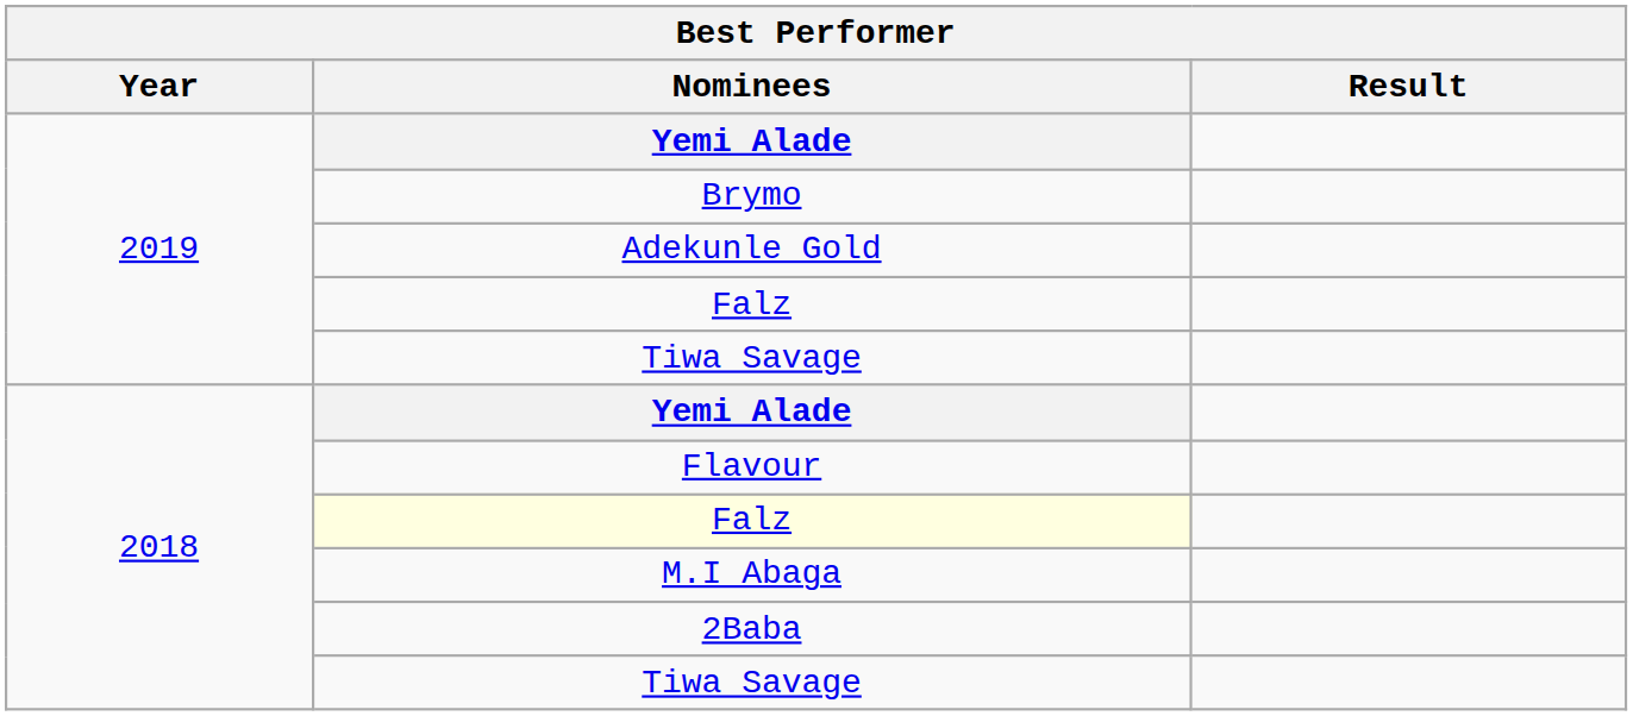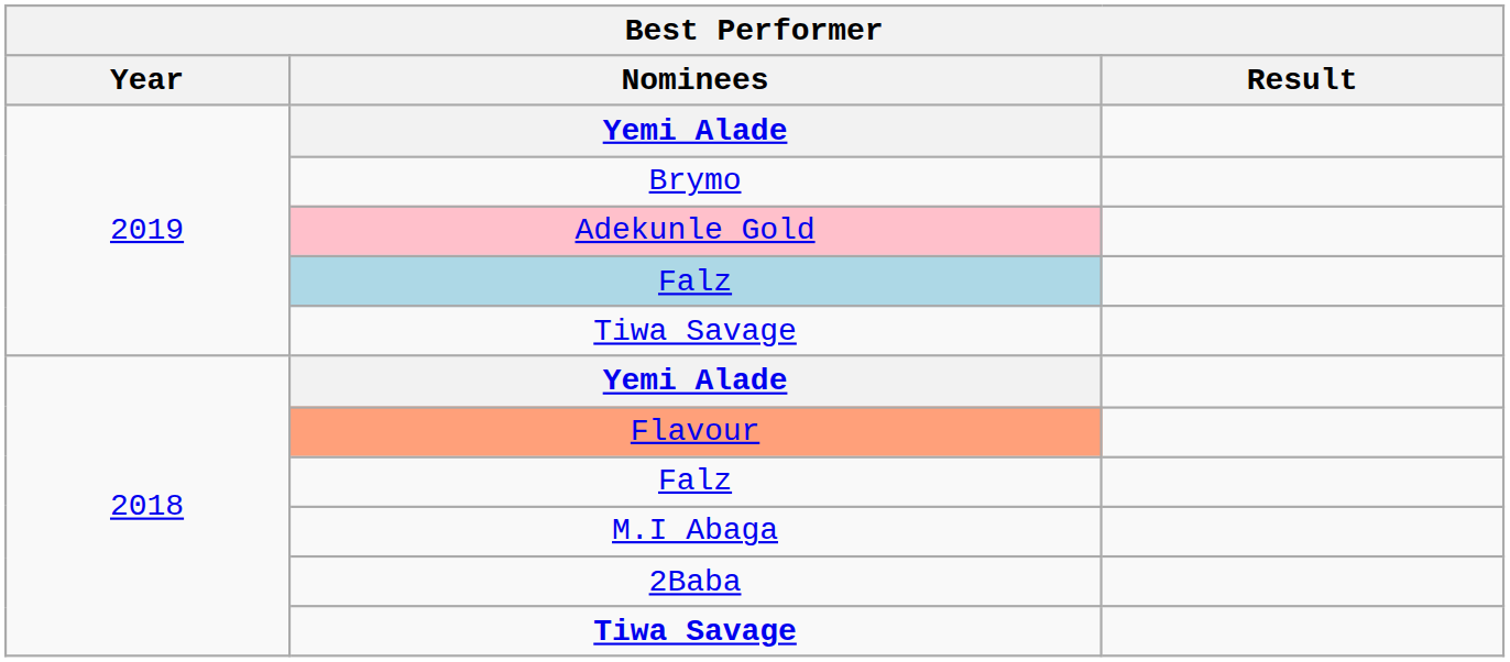 <table class=wikitable style="text-align:center" width="40%">
 <tr>
 <th colspan="4">Best Performer</th>
 </tr>
 <tr>
 <th>Year</th>
 <th>Nominees</th>
 <th>Result</th>
 </tr>
 <tr>
 <td rowspan="5"><a href='#'>2019</a></td>
 <th><a href='#'>Yemi Alade</a></th>
 <td></td>
 </tr>
 <tr>
 <td><a href='#'>Brymo</a></td>
 <td></td>
 </tr>
 <tr>
-<td><a href='#'>Adekunle Gold</a></td>
+<td style="background: pink;"><a href='#'>Adekunle Gold</a></td>
 <td></td>
 </tr>
 <tr>
-<td><a href='#'>Falz</a></td>
+<td style="background: lightblue;"><a href='#'>Falz</a></td>
 <td></td>
 </tr>
 <tr>
 <td><a href='#'>Tiwa Savage</a></td>
 <td></td>
 </tr>
 <tr>
 <td rowspan="6"><a href='#'>2018</a></td>
 <th><a href='#'>Yemi Alade</a></th>
 <td></td>
 </tr>
 <tr>
-<td><a href='#'>Flavour</a></td>
+<td style="background: lightsalmon;"><a href='#'>Flavour</a></td>
 <td></td>
 </tr>
 <tr>
-<td style="background: lightyellow;"><a href='#'>Falz</a></td>
+<td><a href='#'>Falz</a></td>
 <td></td>
 </tr>
 <tr>
 <td><a href='#'>M.I Abaga</a></td>
 <td></td>
 </tr>
 <tr>
 <td><a href='#'>2Baba</a></td>
 <td></td>
 </tr>
 <tr>
-<td><a href='#'>Tiwa Savage</a></td>
+<td><strong><a href='#'>Tiwa Savage</a></strong></td>
 <td></td>
 </tr>
 </table>
